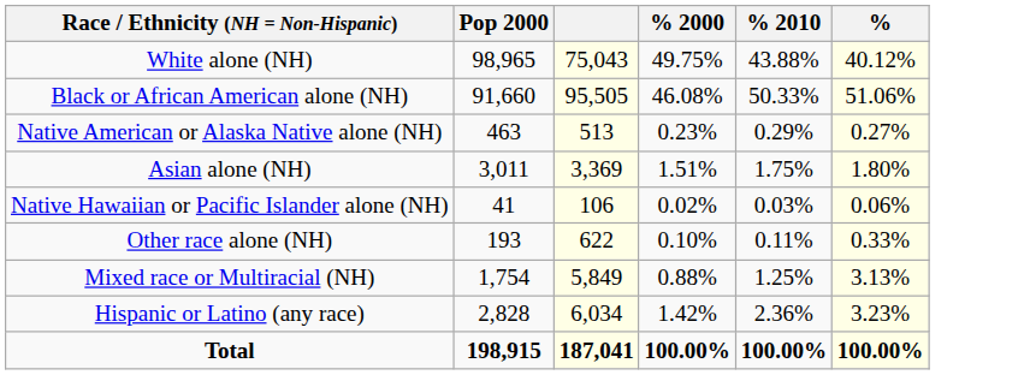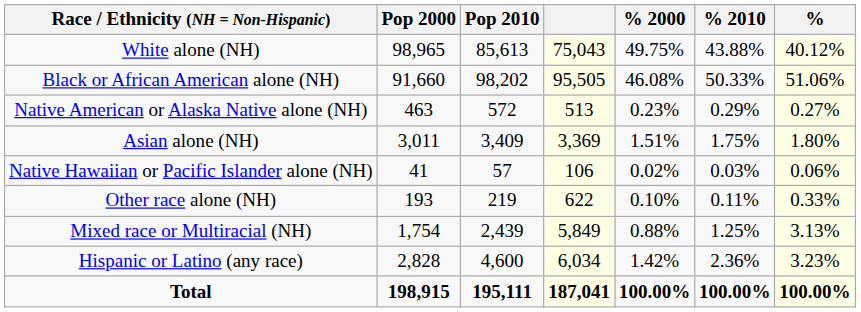 <table class="wikitable" style="text-align:center;">
 <tr>
 <th>Race / Ethnicity <small>(<em>NH = Non-Hispanic</em>)</small></th>
 <th>Pop 2000</th>
+<th>Pop 2010</th>
 <th></th>
 <th>% 2000</th>
 <th>% 2010</th>
 <th>% </th>
 </tr>
 <tr>
 <td><a href='#'>White</a> alone (NH)</td>
 <td>98,965</td>
+<td>85,613</td>
 <td style='background: #ffffe6;'>75,043</td>
 <td>49.75%</td>
 <td>43.88%</td>
 <td style='background: #ffffe6;'>40.12%</td>
 </tr>
 <tr>
 <td><a href='#'>Black or African American</a> alone (NH)</td>
 <td>91,660</td>
+<td>98,202</td>
 <td style='background: #ffffe6;'>95,505</td>
 <td>46.08%</td>
 <td>50.33%</td>
 <td style='background: #ffffe6;'>51.06%</td>
 </tr>
 <tr>
 <td><a href='#'>Native American</a> or <a href='#'>Alaska Native</a> alone (NH)</td>
 <td>463</td>
+<td>572</td>
 <td style='background: #ffffe6;'>513</td>
 <td>0.23%</td>
 <td>0.29%</td>
 <td style='background: #ffffe6;'>0.27%</td>
 </tr>
 <tr>
 <td><a href='#'>Asian</a> alone (NH)</td>
 <td>3,011</td>
+<td>3,409</td>
 <td style='background: #ffffe6;'>3,369</td>
 <td>1.51%</td>
 <td>1.75%</td>
 <td style='background: #ffffe6;'>1.80%</td>
 </tr>
 <tr>
 <td><a href='#'>Native Hawaiian</a> or <a href='#'>Pacific Islander</a> alone (NH)</td>
 <td>41</td>
+<td>57</td>
 <td style='background: #ffffe6;'>106</td>
 <td>0.02%</td>
 <td>0.03%</td>
 <td style='background: #ffffe6;'>0.06%</td>
 </tr>
 <tr>
 <td><a href='#'>Other race</a> alone (NH)</td>
 <td>193</td>
+<td>219</td>
 <td style='background: #ffffe6;'>622</td>
 <td>0.10%</td>
 <td>0.11%</td>
 <td style='background: #ffffe6;'>0.33%</td>
 </tr>
 <tr>
 <td><a href='#'>Mixed race or Multiracial</a> (NH)</td>
 <td>1,754</td>
+<td>2,439</td>
 <td style='background: #ffffe6;'>5,849</td>
 <td>0.88%</td>
 <td>1.25%</td>
 <td style='background: #ffffe6;'>3.13%</td>
 </tr>
 <tr>
 <td><a href='#'>Hispanic or Latino</a> (any race)</td>
 <td>2,828</td>
+<td>4,600</td>
 <td style='background: #ffffe6;'>6,034</td>
 <td>1.42%</td>
 <td>2.36%</td>
 <td style='background: #ffffe6;'>3.23%</td>
 </tr>
 <tr>
 <td><strong>Total</strong></td>
 <td><strong>198,915</strong></td>
+<td><strong>195,111</strong></td>
 <td style='background: #ffffe6;'><strong>187,041</strong></td>
 <td><strong>100.00%</strong></td>
 <td><strong>100.00%</strong></td>
 <td style='background: #ffffe6;'><strong>100.00%</strong></td>
 </tr>
 </table>
